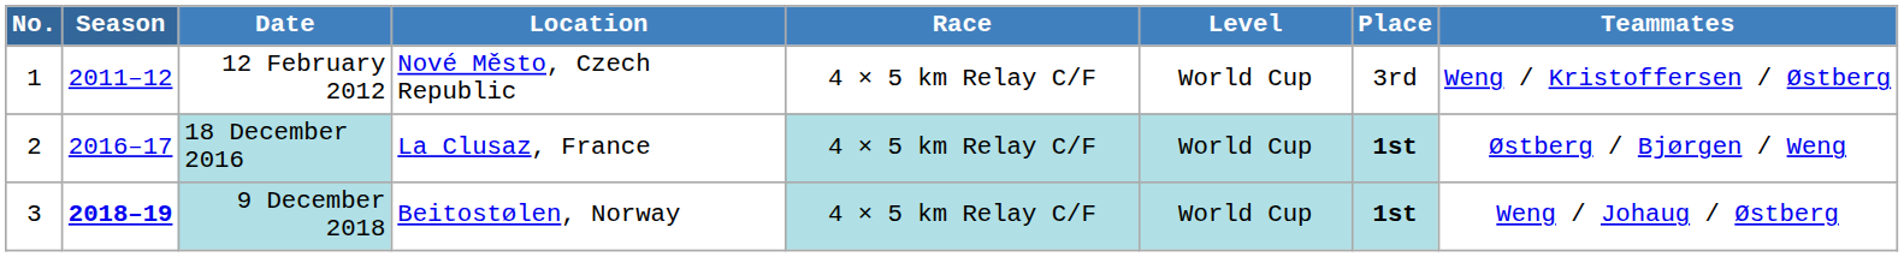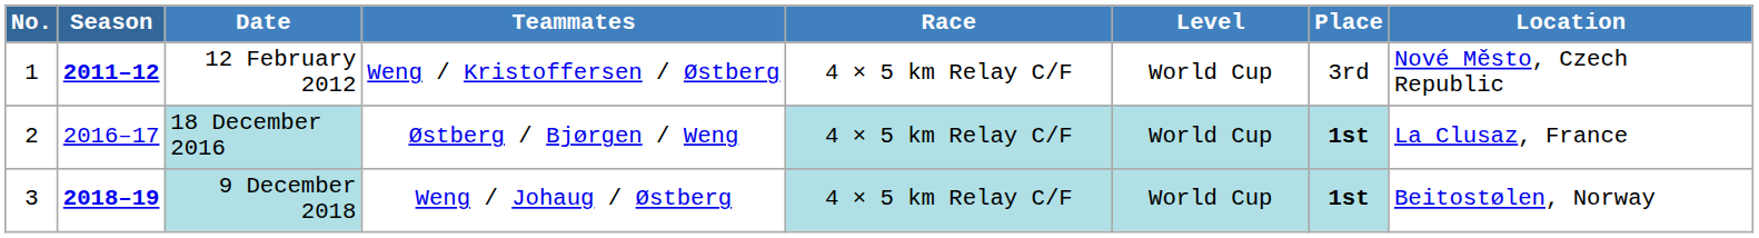 <table class="wikitable sortable" style="font-size:95%; text-align:center; border:grey solid 1px; border-collapse:collapse; background:#ffffff;">
 <tr style="background:#efefef;">
 <th style="background-color:#369; color:white;">No.</th>
 <th style="background-color:#369; color:white;">Season</th>
 <th style="background-color:#4180be; color:white; width:100px;">Date</th>
-<th style="background-color:#4180be; color:white; width:190px;">Location</th>
+<th style="background-color:#4180be; color:white;">Teammates</th>
 <th style="background-color:#4180be; color:white; width:170px;">Race</th>
 <th style="background-color:#4180be; color:white; width:100px;">Level</th>
 <th style="background-color:#4180be; color:white;">Place</th>
-<th style="background-color:#4180be; color:white;">Teammates</th>
+<th style="background-color:#4180be; color:white; width:190px;">Location</th>
 </tr>
 <tr>
 <td align=center>1</td>
-<td rowspan=1 align=center><a href='#'>2011–12</a></td>
+<td rowspan=1 align=center><strong><a href='#'>2011–12</a></strong></td>
 <td align=right>12 February 2012</td>
-<td align=left> <a href='#'>Nové Město</a>, Czech Republic</td>
+<td><a href='#'>Weng</a> / <a href='#'>Kristoffersen</a> / <a href='#'>Østberg</a></td>
 <td>4 × 5 km Relay C/F</td>
 <td>World Cup</td>
 <td>3rd</td>
-<td><a href='#'>Weng</a> / <a href='#'>Kristoffersen</a> / <a href='#'>Østberg</a></td>
+<td align=left> <a href='#'>Nové Město</a>, Czech Republic</td>
 </tr>
 <tr>
 <td align=center>2</td>
 <td><a href='#'>2016–17</a></td>
 <td align=left bgcolor="#BOEOE6" align=right>18 December 2016</td>
-<td align=left> <a href='#'>La Clusaz</a>, France</td>
+<td><a href='#'>Østberg</a> / <a href='#'>Bjørgen</a> / <a href='#'>Weng</a></td>
 <td bgcolor="#BOEOE6" align=center>4 × 5 km Relay C/F</td>
 <td bgcolor="#BOEOE6">World Cup</td>
 <td bgcolor="#BOEOE6"><strong>1st</strong></td>
-<td><a href='#'>Østberg</a> / <a href='#'>Bjørgen</a> / <a href='#'>Weng</a></td>
+<td align=left> <a href='#'>La Clusaz</a>, France</td>
 </tr>
 <tr>
 <td align=center>3</td>
 <td rowspan=1 align=center><strong><a href='#'>2018–19</a></strong></td>
 <td bgcolor="#BOEOE6" align=right>9 December 2018</td>
-<td align=left> <a href='#'>Beitostølen</a>, Norway</td>
+<td><a href='#'>Weng</a> / <a href='#'>Johaug</a> / <a href='#'>Østberg</a></td>
 <td bgcolor="#BOEOE6">4 × 5 km Relay C/F</td>
 <td bgcolor="#BOEOE6">World Cup</td>
 <td bgcolor="#BOEOE6"><strong>1st</strong></td>
-<td><a href='#'>Weng</a> / <a href='#'>Johaug</a> / <a href='#'>Østberg</a></td>
+<td align=left> <a href='#'>Beitostølen</a>, Norway</td>
 </tr>
 </table>
